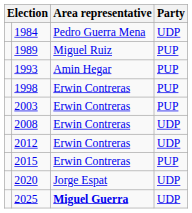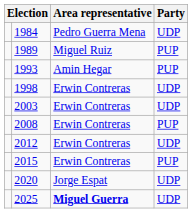 <table class="wikitable">
 <tr>
 <th colspan="2">Election</th>
 <th>Area representative</th>
 <th>Party</th>
 </tr>
 <tr>
 <td style="background-color: "></td>
 <td><a href='#'>1984</a></td>
 <td><a href='#'>Pedro Guerra Mena</a></td>
 <td><a href='#'>UDP</a></td>
 </tr>
 <tr>
 <td style="background-color: "></td>
 <td><a href='#'>1989</a></td>
 <td><a href='#'>Miguel Ruiz</a></td>
 <td><a href='#'>PUP</a></td>
 </tr>
 <tr>
 <td style="background-color: "></td>
 <td><a href='#'>1993</a></td>
 <td><a href='#'>Amin Hegar</a></td>
 <td><a href='#'>PUP</a></td>
 </tr>
 <tr>
 <td style="background-color: "></td>
 <td><a href='#'>1998</a></td>
 <td><a href='#'>Erwin Contreras</a></td>
-<td><a href='#'>PUP</a></td>
+<td><a href='#'>UDP</a></td>
 </tr>
 <tr>
 <td style="background-color: "></td>
 <td><a href='#'>2003</a></td>
 <td><a href='#'>Erwin Contreras</a></td>
-<td><a href='#'>PUP</a></td>
+<td><a href='#'>UDP</a></td>
 </tr>
 <tr>
 <td style="background-color: "></td>
 <td><a href='#'>2008</a></td>
 <td><a href='#'>Erwin Contreras</a></td>
-<td><a href='#'>UDP</a></td>
+<td><a href='#'>PUP</a></td>
 </tr>
 <tr>
 <td style="background-color: "></td>
 <td><a href='#'>2012</a></td>
 <td><a href='#'>Erwin Contreras</a></td>
 <td><a href='#'>UDP</a></td>
 </tr>
 <tr>
 <td style="background-color: "></td>
 <td><a href='#'>2015</a></td>
 <td><a href='#'>Erwin Contreras</a></td>
 <td><a href='#'>PUP</a></td>
 </tr>
 <tr>
 <td style="background-color: "></td>
 <td><a href='#'>2020</a></td>
 <td><a href='#'>Jorge Espat</a></td>
 <td><a href='#'>UDP</a></td>
 </tr>
 <tr>
 <td style="background-color: "></td>
 <td><a href='#'>2025</a></td>
 <td><strong><a href='#'>Miguel Guerra</a></strong></td>
 <td><a href='#'>UDP</a></td>
 </tr>
 </table>
